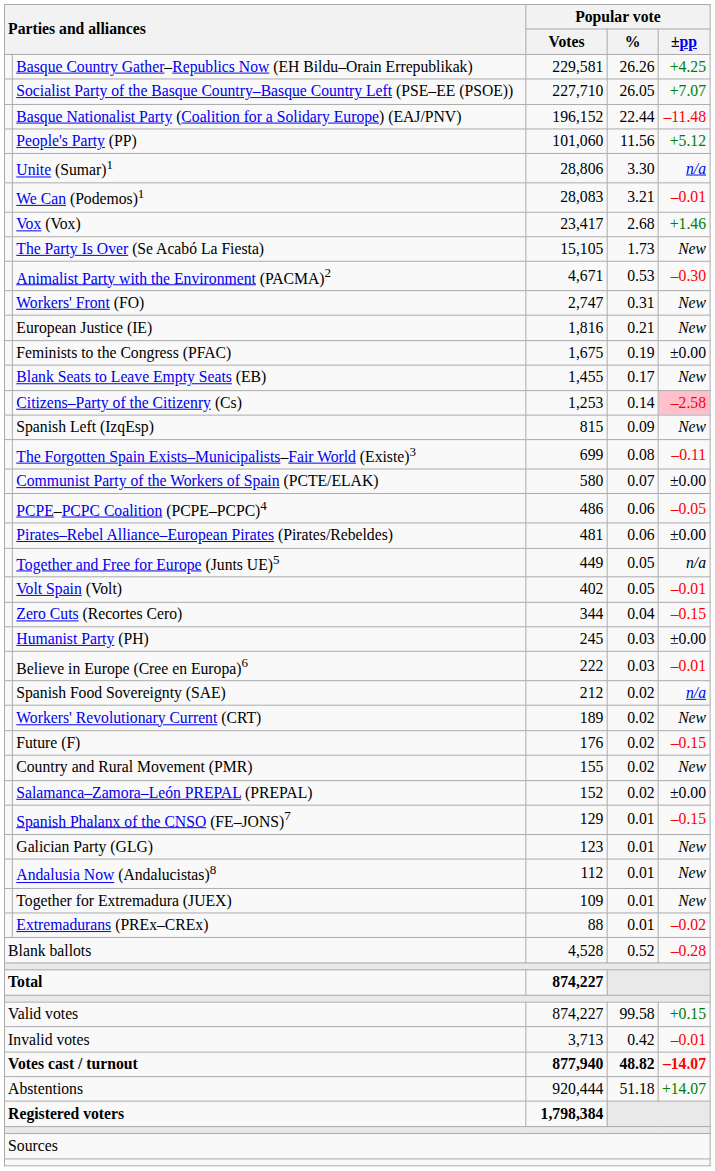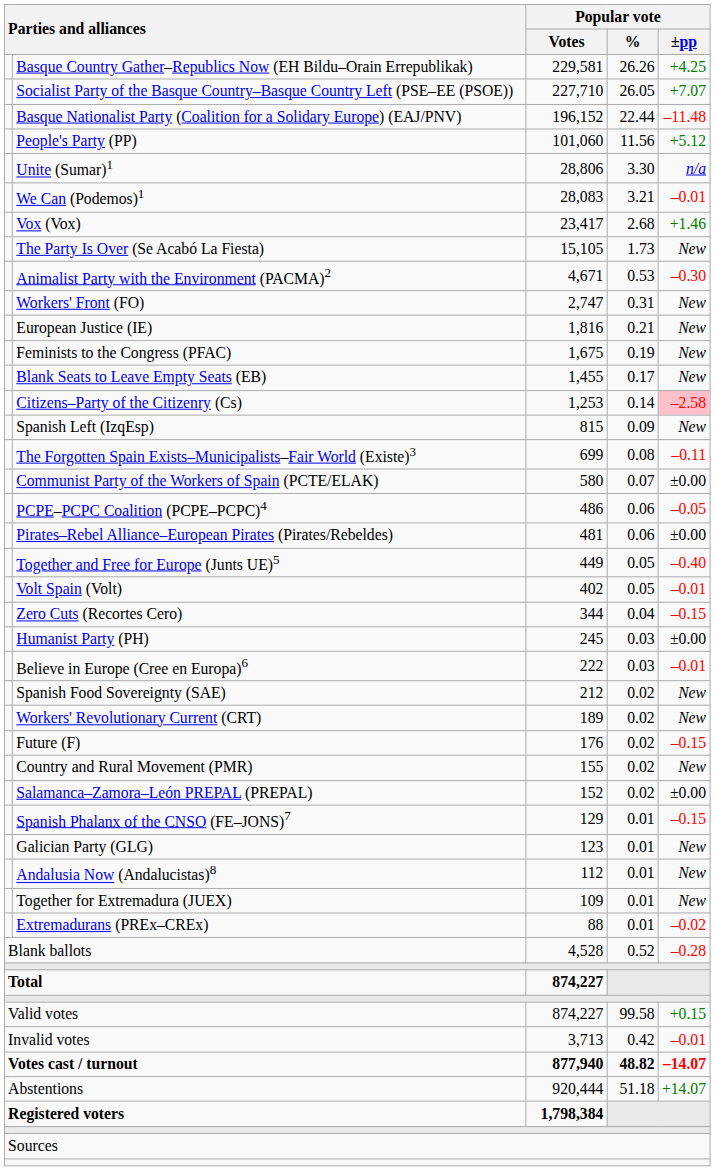 <table class="wikitable" style="text-align:right;">
 <tr>
 <th style="text-align:left;" rowspan="2" colspan="2" width="525">Parties and alliances</th>
 <th colspan="3">Popular vote</th>
 </tr>
 <tr bgcolor="#E9E9E9" align="center">
 <th width="75">Votes</th>
 <th width="45">%</th>
 <th width="45">±<a href='#'>pp</a></th>
 </tr>
 <tr>
 <td width="1" style="color:inherit;background:"></td>
 <td align="left"><a href='#'>Basque Country Gather</a>–<a href='#'>Republics Now</a> (EH Bildu–Orain Errepublikak)</td>
 <td>229,581</td>
 <td>26.26</td>
 <td style="color:green;">+4.25</td>
 </tr>
 <tr>
 <td style="color:inherit;background:"></td>
 <td align="left"><a href='#'>Socialist Party of the Basque Country–Basque Country Left</a> (PSE–EE (PSOE))</td>
 <td>227,710</td>
 <td>26.05</td>
 <td style="color:green;">+7.07</td>
 </tr>
 <tr>
 <td style="color:inherit;background:"></td>
 <td align="left"><a href='#'>Basque Nationalist Party</a> (<a href='#'>Coalition for a Solidary Europe</a>) (EAJ/PNV)</td>
 <td>196,152</td>
 <td>22.44</td>
 <td style="color:red;">–11.48</td>
 </tr>
 <tr>
 <td style="color:inherit;background:"></td>
 <td align="left"><a href='#'>People's Party</a> (PP)</td>
 <td>101,060</td>
 <td>11.56</td>
 <td style="color:green;">+5.12</td>
 </tr>
 <tr>
 <td style="color:inherit;background:"></td>
 <td align="left"><a href='#'>Unite</a> (Sumar)<sup>1</sup></td>
 <td>28,806</td>
 <td>3.30</td>
 <td><em><a href='#'>n/a</a></em></td>
 </tr>
 <tr>
 <td style="color:inherit;background:"></td>
 <td align="left"><a href='#'>We Can</a> (Podemos)<sup>1</sup></td>
 <td>28,083</td>
 <td>3.21</td>
 <td style="color:red;">–0.01</td>
 </tr>
 <tr>
 <td style="color:inherit;background:"></td>
 <td align="left"><a href='#'>Vox</a> (Vox)</td>
 <td>23,417</td>
 <td>2.68</td>
 <td style="color:green;">+1.46</td>
 </tr>
 <tr>
 <td style="color:inherit;background:"></td>
 <td align="left"><a href='#'>The Party Is Over</a> (Se Acabó La Fiesta)</td>
 <td>15,105</td>
 <td>1.73</td>
 <td><em>New</em></td>
 </tr>
 <tr>
 <td style="color:inherit;background:"></td>
 <td align="left"><a href='#'>Animalist Party with the Environment</a> (PACMA)<sup>2</sup></td>
 <td>4,671</td>
 <td>0.53</td>
 <td style="color:red;">–0.30</td>
 </tr>
 <tr>
 <td style="color:inherit;background:"></td>
 <td align="left"><a href='#'>Workers' Front</a> (FO)</td>
 <td>2,747</td>
 <td>0.31</td>
 <td><em>New</em></td>
 </tr>
 <tr>
 <td style="color:inherit;background:"></td>
 <td align="left">European Justice (IE)</td>
 <td>1,816</td>
 <td>0.21</td>
 <td><em>New</em></td>
 </tr>
 <tr>
 <td style="color:inherit;background:"></td>
 <td align="left">Feminists to the Congress (PFAC)</td>
 <td>1,675</td>
 <td>0.19</td>
-<td>±0.00</td>
+<td><em>New</em></td>
 </tr>
 <tr>
 <td style="color:inherit;background:"></td>
 <td align="left"><a href='#'>Blank Seats to Leave Empty Seats</a> (EB)</td>
 <td>1,455</td>
 <td>0.17</td>
 <td><em>New</em></td>
 </tr>
 <tr>
 <td style="color:inherit;background:"></td>
 <td align="left"><a href='#'>Citizens–Party of the Citizenry</a> (Cs)</td>
 <td>1,253</td>
 <td>0.14</td>
 <td style="background: pink; color:red;">–2.58</td>
 </tr>
 <tr>
 <td style="color:inherit;background:"></td>
 <td align="left">Spanish Left (IzqEsp)</td>
 <td>815</td>
 <td>0.09</td>
 <td><em>New</em></td>
 </tr>
 <tr>
 <td style="color:inherit;background:"></td>
 <td align="left"><a href='#'>The Forgotten Spain Exists–Municipalists</a>–<a href='#'>Fair World</a> (Existe)<sup>3</sup></td>
 <td>699</td>
 <td>0.08</td>
 <td style="color:red;">–0.11</td>
 </tr>
 <tr>
 <td style="color:inherit;background:"></td>
 <td align="left"><a href='#'>Communist Party of the Workers of Spain</a> (PCTE/ELAK)</td>
 <td>580</td>
 <td>0.07</td>
 <td>±0.00</td>
 </tr>
 <tr>
 <td style="color:inherit;background:"></td>
 <td align="left"><a href='#'>PCPE</a>–<a href='#'>PCPC Coalition</a> (PCPE–PCPC)<sup>4</sup></td>
 <td>486</td>
 <td>0.06</td>
 <td style="color:red;">–0.05</td>
 </tr>
 <tr>
 <td style="color:inherit;background:"></td>
 <td align="left"><a href='#'>Pirates–Rebel Alliance–European Pirates</a> (Pirates/Rebeldes)</td>
 <td>481</td>
 <td>0.06</td>
 <td>±0.00</td>
 </tr>
 <tr>
 <td style="color:inherit;background:"></td>
 <td align="left"><a href='#'>Together and Free for Europe</a> (Junts UE)<sup>5</sup></td>
 <td>449</td>
 <td>0.05</td>
-<td><em>n/a</em></td>
+<td style="color:red;">–0.40</td>
 </tr>
 <tr>
 <td style="color:inherit;background:"></td>
 <td align="left"><a href='#'>Volt Spain</a> (Volt)</td>
 <td>402</td>
 <td>0.05</td>
 <td style="color:red;">–0.01</td>
 </tr>
 <tr>
 <td style="color:inherit;background:"></td>
 <td align="left"><a href='#'>Zero Cuts</a> (Recortes Cero)</td>
 <td>344</td>
 <td>0.04</td>
 <td style="color:red;">–0.15</td>
 </tr>
 <tr>
 <td style="color:inherit;background:"></td>
 <td align="left"><a href='#'>Humanist Party</a> (PH)</td>
 <td>245</td>
 <td>0.03</td>
 <td>±0.00</td>
 </tr>
 <tr>
 <td style="color:inherit;background:"></td>
 <td align="left">Believe in Europe (Cree en Europa)<sup>6</sup></td>
 <td>222</td>
 <td>0.03</td>
 <td style="color:red;">–0.01</td>
 </tr>
 <tr>
 <td style="color:inherit;background:"></td>
 <td align="left">Spanish Food Sovereignty (SAE)</td>
 <td>212</td>
 <td>0.02</td>
-<td><em><a href='#'>n/a</a></em></td>
+<td><em>New</em></td>
 </tr>
 <tr>
 <td style="color:inherit;background:"></td>
 <td align="left"><a href='#'>Workers' Revolutionary Current</a> (CRT)</td>
 <td>189</td>
 <td>0.02</td>
 <td><em>New</em></td>
 </tr>
 <tr>
 <td style="color:inherit;background:"></td>
 <td align="left">Future (F)</td>
 <td>176</td>
 <td>0.02</td>
 <td style="color:red;">–0.15</td>
 </tr>
 <tr>
 <td style="color:inherit;background:"></td>
 <td align="left">Country and Rural Movement (PMR)</td>
 <td>155</td>
 <td>0.02</td>
 <td><em>New</em></td>
 </tr>
 <tr>
 <td style="color:inherit;background:"></td>
 <td align="left"><a href='#'>Salamanca–Zamora–León PREPAL</a> (PREPAL)</td>
 <td>152</td>
 <td>0.02</td>
 <td>±0.00</td>
 </tr>
 <tr>
 <td style="color:inherit;background:"></td>
 <td align="left"><a href='#'>Spanish Phalanx of the CNSO</a> (FE–JONS)<sup>7</sup></td>
 <td>129</td>
 <td>0.01</td>
 <td style="color:red;">–0.15</td>
 </tr>
 <tr>
 <td style="color:inherit;background:"></td>
 <td align="left">Galician Party (GLG)</td>
 <td>123</td>
 <td>0.01</td>
 <td><em>New</em></td>
 </tr>
 <tr>
 <td style="color:inherit;background:"></td>
 <td align="left"><a href='#'>Andalusia Now</a> (Andalucistas)<sup>8</sup></td>
 <td>112</td>
 <td>0.01</td>
 <td><em>New</em></td>
 </tr>
 <tr>
 <td style="color:inherit;background:"></td>
 <td align="left">Together for Extremadura (JUEX)</td>
 <td>109</td>
 <td>0.01</td>
 <td><em>New</em></td>
 </tr>
 <tr>
 <td style="color:inherit;background:"></td>
 <td align="left"><a href='#'>Extremadurans</a> (PREx–CREx)</td>
 <td>88</td>
 <td>0.01</td>
 <td style="color:red;">–0.02</td>
 </tr>
 <tr>
 <td align="left" colspan="2">Blank ballots</td>
 <td>4,528</td>
 <td>0.52</td>
 <td style="color:red;">–0.28</td>
 </tr>
 <tr>
 <td colspan="5" bgcolor="#E9E9E9"></td>
 </tr>
 <tr style="font-weight:bold;">
 <td align="left" colspan="2">Total</td>
 <td>874,227</td>
 <td bgcolor="#E9E9E9" colspan="2"></td>
 </tr>
 <tr>
 <td colspan="5" bgcolor="#E9E9E9"></td>
 </tr>
 <tr>
 <td align="left" colspan="2">Valid votes</td>
 <td>874,227</td>
 <td>99.58</td>
 <td style="color:green;">+0.15</td>
 </tr>
 <tr>
 <td align="left" colspan="2">Invalid votes</td>
 <td>3,713</td>
 <td>0.42</td>
 <td style="color:red;">–0.01</td>
 </tr>
 <tr style="font-weight:bold;">
 <td align="left" colspan="2">Votes cast / turnout</td>
 <td>877,940</td>
 <td>48.82</td>
 <td style="color:red;">–14.07</td>
 </tr>
 <tr>
 <td align="left" colspan="2">Abstentions</td>
 <td>920,444</td>
 <td>51.18</td>
 <td style="color:green;">+14.07</td>
 </tr>
 <tr style="font-weight:bold;">
 <td align="left" colspan="2">Registered voters</td>
 <td>1,798,384</td>
 <td bgcolor="#E9E9E9" colspan="2"></td>
 </tr>
 <tr>
 <td colspan="5" bgcolor="#E9E9E9"></td>
 </tr>
 <tr>
 <td align="left" colspan="5">Sources</td>
 </tr>
 <tr>
 <td colspan="5" style="text-align:left; max-width:790px;"></td>
 </tr>
 </table>
